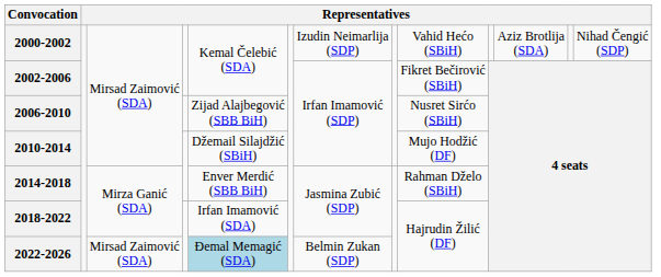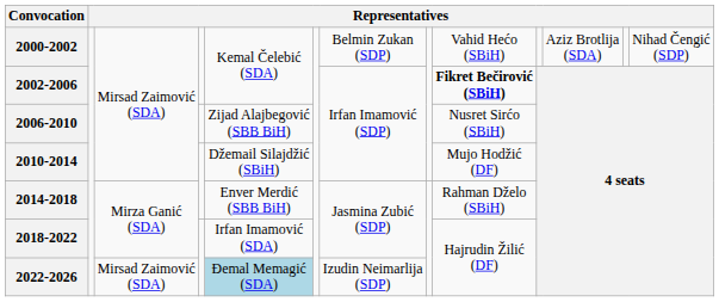 <table class="wikitable" style="text-align:center">
 <tr>
 <th>Convocation</th>
 <th colspan=12>Representatives</th>
 </tr>
 <tr>
 <th>2000-2002</th>
 <td rowspan=7; style="background-color: "></td>
 <td rowspan=4>Mirsad Zaimović<br>(<a href='#'>SDA</a>)</td>
 <td rowspan=2; style="background-color: "></td>
 <td rowspan=2>Kemal Čelebić<br>(<a href='#'>SDA</a>)</td>
 <td rowspan=7; style="background-color: "></td>
-<td rowspan=1>Izudin Neimarlija<br>(<a href='#'>SDP</a>)</td>
+<td rowspan=1>Belmin Zukan<br>(<a href='#'>SDP</a>)</td>
 <td rowspan=4; style="background-color: "></td>
 <td rowspan=1>Vahid Hećo<br>(<a href='#'>SBiH</a>)</td>
 <td rowspan=1; style="background-color: "></td>
 <td rowspan=1>Aziz Brotlija<br>(<a href='#'>SDA</a>)</td>
 <td rowspan=1; style="background-color: "></td>
 <td rowspan=1>Nihad Čengić<br>(<a href='#'>SDP</a>)</td>
 </tr>
 <tr>
 <th>2002-2006</th>
 <td rowspan=3>Irfan Imamović<br>(<a href='#'>SDP</a>)</td>
-<td rowspan=1>Fikret Bečirović<br>(<a href='#'>SBiH</a>)</td>
+<td rowspan=1><strong>Fikret Bečirović<br>(<a href='#'>SBiH</a>)</strong></td>
 <th colspan=4; rowspan=7>4 seats</th>
 </tr>
 <tr>
 <th>2006-2010</th>
 <td rowspan=1; style="background-color: "></td>
 <td rowspan=1>Zijad Alajbegović<br>(<a href='#'>SBB BiH</a>)</td>
 <td rowspan=1>Nusret Sirćo<br>(<a href='#'>SBiH</a>)</td>
 </tr>
 <tr>
 <th>2010-2014</th>
 <td rowspan=2; style="background-color: "></td>
 <td rowspan=1>Džemail Silajdžić<br>(<a href='#'>SBiH</a>)</td>
 <td rowspan=1>Mujo Hodžić<br>(<a href='#'>DF</a>)</td>
 </tr>
 <tr>
 <th>2014-2018</th>
 <td rowspan=2>Mirza Ganić<br>(<a href='#'>SDA</a>)</td>
 <td rowspan=1>Enver Merdić<br>(<a href='#'>SBB BiH</a>)</td>
 <td rowspan=2>Jasmina Zubić<br>(<a href='#'>SDP</a>)</td>
 <td rowspan=3; style="background-color: "></td>
 <td rowspan=1>Rahman Dželo<br>(<a href='#'>SBiH</a>)</td>
 </tr>
 <tr>
 <th>2018-2022</th>
 <td rowspan=2; style="background-color: "></td>
 <td rowspan=1>Irfan Imamović<br>(<a href='#'>SDA</a>)</td>
 <td rowspan=2>Hajrudin Žilić<br>(<a href='#'>DF</a>)</td>
 </tr>
 <tr>
 <th>2022-2026</th>
 <td rowspan=1>Mirsad Zaimović<br>(<a href='#'>SDA</a>)</td>
 <td rowspan=1 style="background: lightblue;">Đemal Memagić<br>(<a href='#'>SDA</a>)</td>
-<td rowspan=1>Belmin Zukan<br>(<a href='#'>SDP</a>)</td>
+<td rowspan=1>Izudin Neimarlija<br>(<a href='#'>SDP</a>)</td>
 </tr>
 </table>
